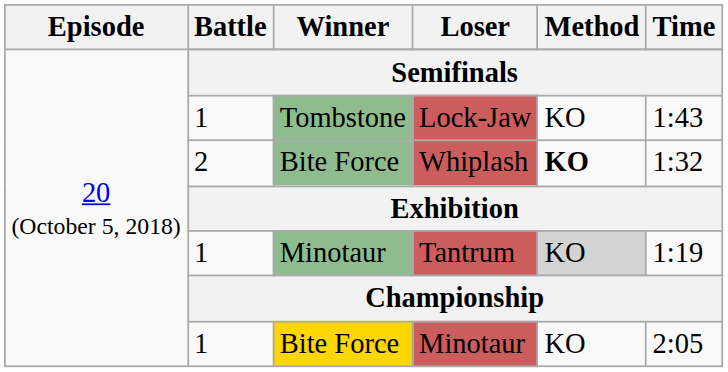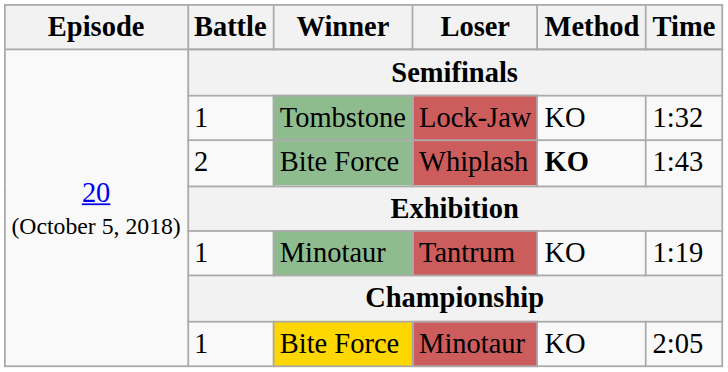 <table class="wikitable">
 <tr>
 <th>Episode</th>
 <th>Battle</th>
 <th>Winner</th>
 <th>Loser</th>
 <th>Method</th>
 <th>Time</th>
 </tr>
 <tr>
 <td style="text-align:center;" rowspan="9"><a href='#'>20</a><br><small>(October 5, 2018)</small></td>
 </tr>
 <tr>
 <th colspan="5">Semifinals</th>
 </tr>
 <tr>
 <td> 1</td>
 <td style="background:DarkSeaGreen;">Tombstone</td>
 <td style="background:IndianRed;">Lock-Jaw</td>
 <td>KO</td>
-<td>1:43</td>
+<td>1:32</td>
 </tr>
 <tr>
 <td>2</td>
 <td style="background:DarkSeaGreen;">Bite Force</td>
 <td style="background:IndianRed;">Whiplash</td>
 <td><strong>KO</strong></td>
-<td>1:32</td>
+<td>1:43</td>
 </tr>
 <tr>
 <th colspan="5">Exhibition</th>
 </tr>
 <tr>
 <td>1</td>
 <td style="background:DarkSeaGreen;">Minotaur</td>
 <td style="background:IndianRed;">Tantrum</td>
-<td style="background: lightgrey;">KO</td>
+<td>KO</td>
 <td>1:19</td>
 </tr>
 <tr>
 <th colspan="5">Championship</th>
 </tr>
 <tr>
 <td>1</td>
 <td style="background:Gold;">Bite Force</td>
 <td style="background:IndianRed;">Minotaur</td>
 <td>KO</td>
 <td>2:05</td>
 </tr>
 </table>
